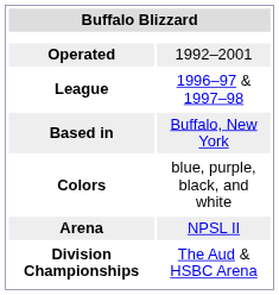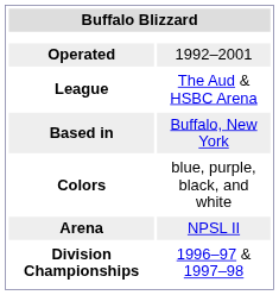 <table style="margin:5px; border:1px solid #8888AA;" align=right cellpadding=3 cellspacing=3 width=280>
 <tr align="center" bgcolor="#dddddd">
 <td colspan=2><strong>Buffalo Blizzard</strong></td>
 </tr>
 <tr align="center">
 <td colspan=2></td>
 </tr>
 <tr align="center" bgcolor="#eeeeee">
 <td><strong>Operated</strong></td>
 <td>1992–2001</td>
 </tr>
 <tr align="center">
 <td><strong>League</strong></td>
-<td><a href='#'>1996–97</a> & <a href='#'>1997–98</a></td>
+<td><a href='#'>The Aud</a> & <a href='#'>HSBC Arena</a></td>
 </tr>
 <tr align="center" bgcolor="#eeeeee">
 <td><strong>Based in</strong></td>
 <td><a href='#'>Buffalo, New York</a></td>
 </tr>
 <tr align="center">
 <td><strong>Colors</strong></td>
 <td>blue, purple, black, and white</td>
 </tr>
 <tr align="center" bgcolor="#eeeeee">
 <td><strong>Arena</strong></td>
 <td><a href='#'>NPSL II</a></td>
 </tr>
 <tr align="center">
 <td><strong>Division Championships</strong></td>
-<td><a href='#'>The Aud</a> & <a href='#'>HSBC Arena</a></td>
+<td><a href='#'>1996–97</a> & <a href='#'>1997–98</a></td>
 </tr>
 <tr align="center">
 </tr>
 </table>
